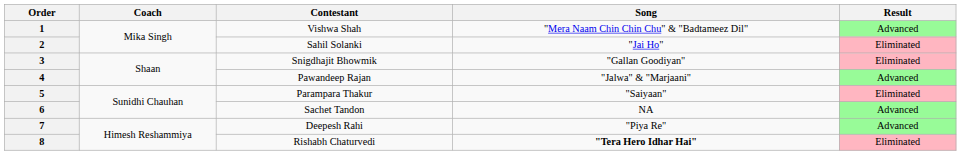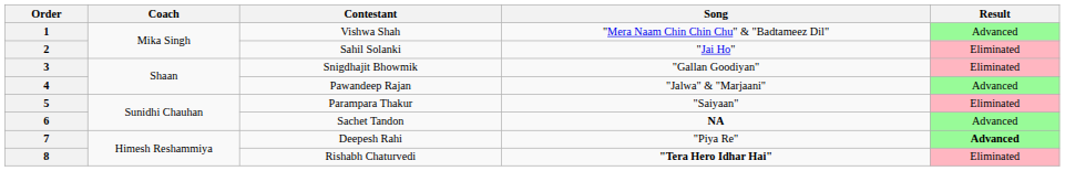 <table class="wikitable" style="width:75%; text-align:center;">
 <tr>
 <th width="040">Order</th>
 <th width="060">Coach</th>
 <th width="150">Contestant</th>
 <th width="250">Song</th>
 <th width="070">Result</th>
 </tr>
 <tr>
 <th>1</th>
 <td rowspan=2>Mika Singh</td>
 <td>Vishwa Shah</td>
 <td>"<a href='#'>Mera Naam Chin Chin Chu</a>" & "Badtameez Dil"</td>
 <td bgcolor="98FB98">Advanced</td>
 </tr>
 <tr>
 <th>2</th>
 <td>Sahil Solanki</td>
 <td>"<a href='#'>Jai Ho</a>"</td>
 <td bgcolor="FFB6C1">Eliminated</td>
 </tr>
 <tr>
 <th>3</th>
 <td rowspan=2>Shaan</td>
 <td>Snigdhajit Bhowmik</td>
 <td>"Gallan Goodiyan"</td>
 <td bgcolor="FFB6C1">Eliminated</td>
 </tr>
 <tr>
 <th>4</th>
 <td>Pawandeep Rajan</td>
 <td>"Jalwa" & "Marjaani"</td>
 <td bgcolor="98FB98">Advanced</td>
 </tr>
 <tr>
 <th>5</th>
 <td rowspan=2>Sunidhi Chauhan</td>
 <td>Parampara Thakur</td>
 <td>"Saiyaan"</td>
 <td bgcolor="FFB6C1">Eliminated</td>
 </tr>
 <tr>
 <th>6</th>
 <td>Sachet Tandon</td>
-<td>NA</td>
+<td><strong>NA</strong></td>
 <td bgcolor="98FB98">Advanced</td>
 </tr>
 <tr>
 <th>7</th>
 <td rowspan=2>Himesh Reshammiya</td>
 <td>Deepesh Rahi</td>
 <td>"Piya Re"</td>
-<td bgcolor="98FB98">Advanced</td>
+<td bgcolor="98FB98"><strong>Advanced</strong></td>
 </tr>
 <tr>
 <th>8</th>
 <td>Rishabh Chaturvedi</td>
 <td><strong>"Tera Hero Idhar Hai"</strong></td>
 <td bgcolor="FFB6C1">Eliminated</td>
 </tr>
 </table>
